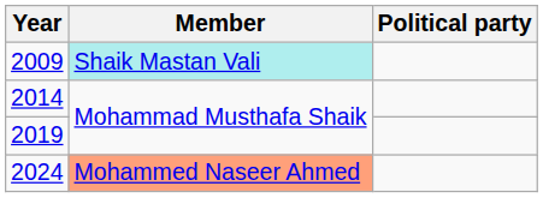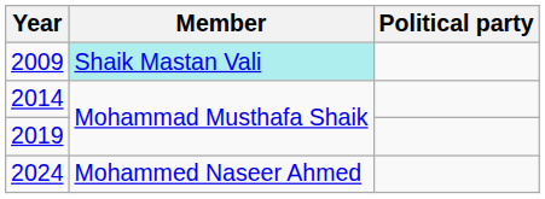 <table class="wikitable sortable">
 <tr>
 <th>Year</th>
 <th>Member</th>
 <th colspan="2">Political party</th>
 </tr>
 <tr>
 <td><a href='#'>2009</a></td>
 <td style="background: paleturquoise;"><a href='#'>Shaik Mastan Vali</a></td>
 <td></td>
 </tr>
 <tr>
 <td><a href='#'>2014</a></td>
 <td rowspan="2"><a href='#'>Mohammad Musthafa Shaik</a></td>
 <td></td>
 </tr>
 <tr>
 <td><a href='#'>2019</a></td>
 </tr>
 <tr>
 <td><a href='#'>2024</a></td>
-<td style="background: lightsalmon;"><a href='#'>Mohammed Naseer Ahmed</a></td>
+<td><a href='#'>Mohammed Naseer Ahmed</a></td>
 <td></td>
 </tr>
 </table>
